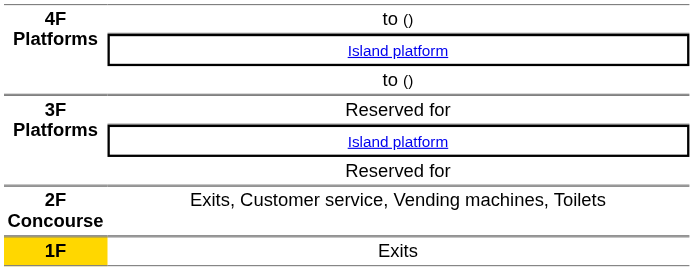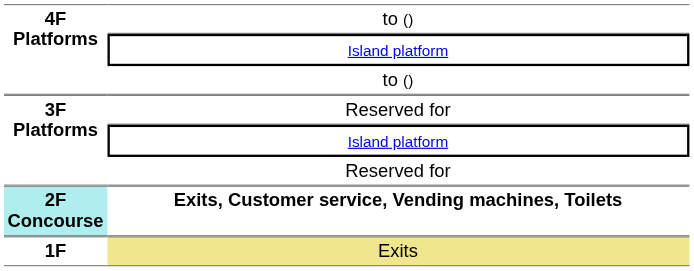 <table table border=0 cellspacing=0 cellpadding=3>
 <tr>
 <td style="border-bottom:solid 1px gray; border-top:solid 1px gray;text-align:center" rowspan="3" valign=top><strong>4F<br>Platforms</strong></td>
 <td style="border-bottom:solid 1px gray; border-top:solid 1px gray;text-align:center;">  to  <small>()</small></td>
 </tr>
 <tr>
 <td style="border-right:solid 2px black;border-left:solid 2px black;border-top:solid 2px black;border-bottom:solid 2px black;text-align:center;" colspan=2><small><a href='#'>Island platform</a></small></td>
 </tr>
 <tr>
 <td style="border-bottom:solid 1px gray;text-align:center;"> to  <small>() </small></td>
 </tr>
 <tr>
 <td style="border-bottom:solid 1px gray; border-top:solid 1px gray;text-align:center" rowspan="3" valign=top><strong>3F<br>Platforms</strong></td>
 <td style="border-bottom:solid 1px gray; border-top:solid 1px gray;text-align:center;">Reserved for </td>
 </tr>
 <tr>
 <td style="border-right:solid 2px black;border-left:solid 2px black;border-top:solid 2px black;border-bottom:solid 2px black;text-align:center;" colspan=2><small><a href='#'>Island platform</a></small></td>
 </tr>
 <tr>
 <td style="border-bottom:solid 1px gray;text-align:center;">Reserved for </td>
 </tr>
 <tr>
-<td style="border-bottom:solid 1px gray; border-top:solid 1px gray;text-align:center" valign=top><strong>2F<br>Concourse</strong></td>
-<td style="border-bottom:solid 1px gray; border-top:solid 1px gray;text-align:center;" valign=top width=500>Exits, Customer service, Vending machines, Toilets</td>
+<td style="background: paleturquoise; border-bottom:solid 1px gray; border-top:solid 1px gray;text-align:center" valign=top><strong>2F<br>Concourse</strong></td>
+<td style="border-bottom:solid 1px gray; border-top:solid 1px gray;text-align:center;" valign=top width=500><strong>Exits, Customer service, Vending machines, Toilets</strong></td>
 </tr>
 <tr>
-<td style="background: gold; border-bottom:solid 1px gray; border-top:solid 1px gray;text-align:center" valign=top><strong>1F<br></strong></td>
-<td style="border-bottom:solid 1px gray; border-top:solid 1px gray;text-align:center;" valign=top width=500>Exits</td>
+<td style="border-bottom:solid 1px gray; border-top:solid 1px gray;text-align:center" valign=top><strong>1F<br></strong></td>
+<td style="background: khaki; border-bottom:solid 1px gray; border-top:solid 1px gray;text-align:center;" valign=top width=500>Exits</td>
 </tr>
 </table>
